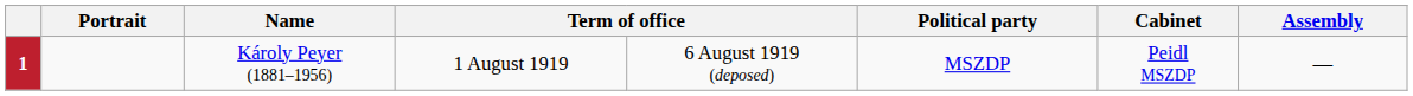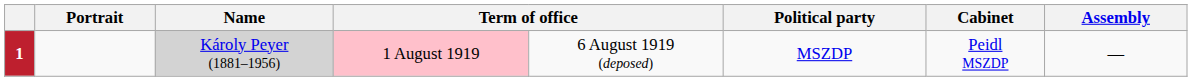 <table class="wikitable" style="width:90%; text-align:center;">
 <tr>
 <th></th>
 <th>Portrait</th>
 <th>Name<br></th>
 <th colspan=2>Term of office</th>
 <th>Political party</th>
 <th>Cabinet</th>
 <th><a href='#'>Assembly</a><br></th>
 </tr>
 <tr>
 <th style="background:#be1f2e; color:white;">1</th>
 <td></td>
-<td><a href='#'>Károly Peyer</a><br><small>(1881–1956)</small></td>
-<td>1 August 1919</td>
+<td style="background: lightgrey;"><a href='#'>Károly Peyer</a><br><small>(1881–1956)</small></td>
+<td style="background: pink;">1 August 1919</td>
 <td>6 August 1919<br><small>(<em>deposed</em>)</small></td>
 <td><a href='#'>MSZDP</a></td>
 <td><a href='#'>Peidl</a><br><small><a href='#'>MSZDP</a></small></td>
 <td>—</td>
 </tr>
 </table>
